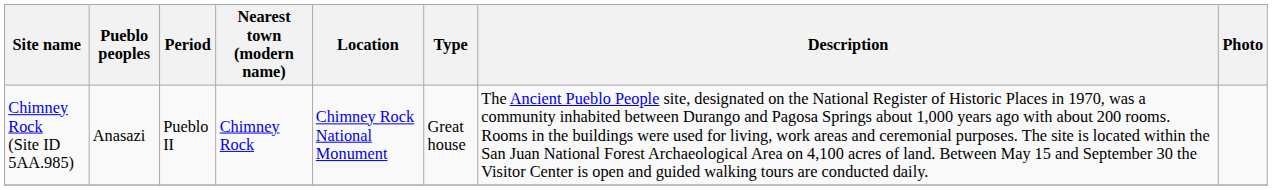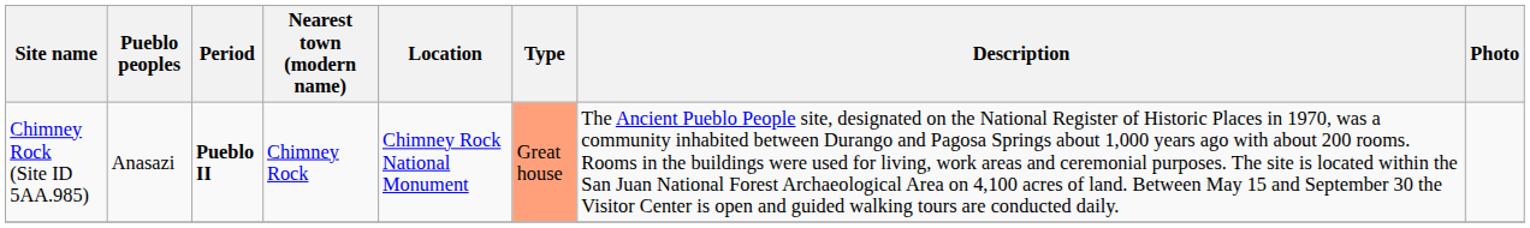 <table class="wikitable sortable" style="width:98%">
 <tr>
 <th>Site name</th>
 <th>Pueblo peoples</th>
 <th>Period</th>
 <th>Nearest town (modern name)</th>
 <th>Location</th>
 <th>Type</th>
 <th>Description</th>
 <th>Photo</th>
 </tr>
 <tr>
 <td><a href='#'>Chimney Rock</a><br>(Site ID 5AA.985)</td>
 <td>Anasazi</td>
-<td>Pueblo II</td>
+<td><strong>Pueblo II</strong></td>
 <td><a href='#'>Chimney Rock</a></td>
 <td><a href='#'>Chimney Rock National Monument</a></td>
-<td>Great house</td>
+<td style="background: lightsalmon;">Great house</td>
 <td>The <a href='#'>Ancient Pueblo People</a> site, designated on the National Register of Historic Places in 1970, was a community inhabited between Durango and Pagosa Springs about 1,000 years ago with about 200 rooms.  Rooms in the buildings were used for living, work areas and ceremonial purposes.  The site is located within the San Juan National Forest Archaeological Area on 4,100 acres of land.  Between May 15 and September 30 the Visitor Center is open and guided walking tours are conducted daily.</td>
 <td></td>
 </tr>
 <tr>
 </tr>
 </table>
